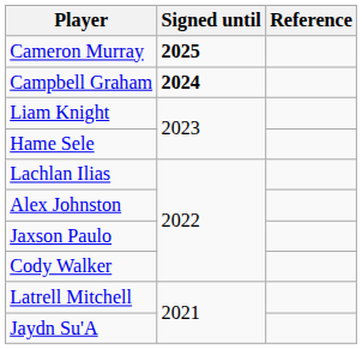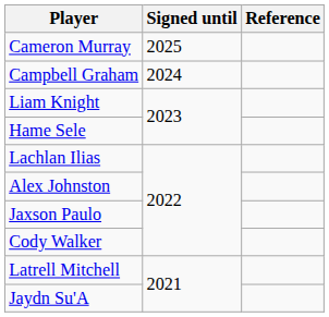 <table class="wikitable">
 <tr>
 <th>Player</th>
 <th>Signed until</th>
 <th>Reference</th>
 </tr>
 <tr>
 <td><a href='#'>Cameron Murray</a></td>
-<td><strong>2025</strong></td>
+<td>2025</td>
 <td></td>
 </tr>
 <tr>
 <td><a href='#'>Campbell Graham</a></td>
-<td><strong>2024</strong></td>
+<td>2024</td>
 <td></td>
 </tr>
 <tr>
 <td><a href='#'>Liam Knight</a></td>
 <td rowspan="2">2023</td>
 <td></td>
 </tr>
 <tr>
 <td><a href='#'>Hame Sele</a></td>
 <td></td>
 </tr>
 <tr>
 <td><a href='#'>Lachlan Ilias</a></td>
 <td rowspan="4">2022</td>
 <td></td>
 </tr>
 <tr>
 <td><a href='#'>Alex Johnston</a></td>
 <td></td>
 </tr>
 <tr>
 <td><a href='#'>Jaxson Paulo</a></td>
 <td></td>
 </tr>
 <tr>
 <td><a href='#'>Cody Walker</a></td>
 <td></td>
 </tr>
 <tr>
 <td><a href='#'>Latrell Mitchell</a></td>
 <td rowspan="2">2021</td>
 <td></td>
 </tr>
 <tr>
 <td><a href='#'>Jaydn Su'A</a></td>
 <td></td>
 </tr>
 </table>
